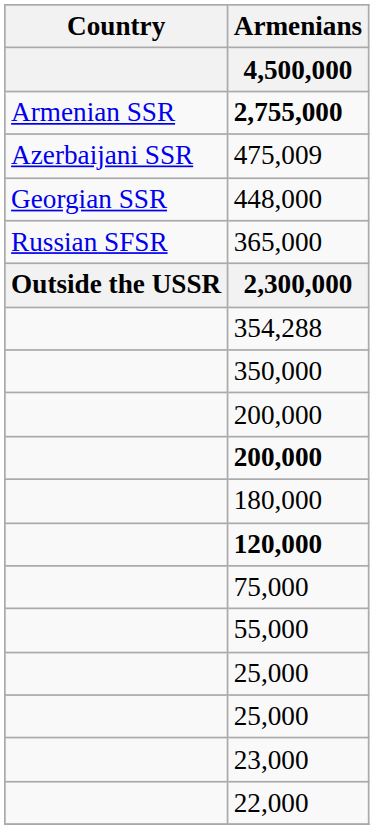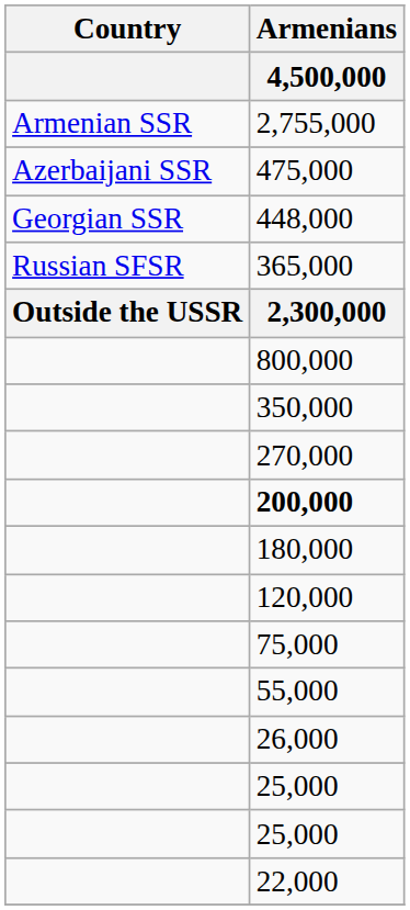 <table class="wikitable">
 <tr>
 <th>Country</th>
 <th>Armenians</th>
 </tr>
 <tr>
 <th></th>
 <th>4,500,000</th>
 </tr>
 <tr>
 <td><a href='#'>Armenian SSR</a></td>
-<td><strong>2,755,000</strong></td>
+<td>2,755,000</td>
 </tr>
 <tr>
 <td><a href='#'>Azerbaijani SSR</a></td>
-<td>475,009</td>
+<td>475,000</td>
 </tr>
 <tr>
 <td><a href='#'>Georgian SSR</a></td>
 <td>448,000</td>
 </tr>
 <tr>
 <td><a href='#'>Russian SFSR</a></td>
 <td>365,000</td>
 </tr>
 <tr>
 <th>Outside the USSR</th>
 <th>2,300,000</th>
 </tr>
 <tr>
 <td></td>
-<td>354,288</td>
+<td>800,000</td>
 </tr>
 <tr>
 <td></td>
 <td>350,000</td>
 </tr>
 <tr>
 <td></td>
-<td>200,000</td>
+<td>270,000</td>
 </tr>
 <tr>
 <td></td>
 <td><strong>200,000</strong></td>
 </tr>
 <tr>
 <td></td>
 <td>180,000</td>
 </tr>
 <tr>
 <td></td>
-<td><strong>120,000</strong></td>
+<td>120,000</td>
 </tr>
 <tr>
 <td></td>
 <td>75,000</td>
 </tr>
 <tr>
 <td></td>
 <td>55,000</td>
 </tr>
 <tr>
 <td></td>
+<td>26,000</td>
+</tr>
+<tr>
+<td></td>
 <td>25,000</td>
 </tr>
 <tr>
 <td></td>
 <td>25,000</td>
 </tr>
 <tr>
 <td></td>
-<td>23,000</td>
-</tr>
-<tr>
-<td></td>
 <td>22,000</td>
 </tr>
 <tr>
 </tr>
 </table>
